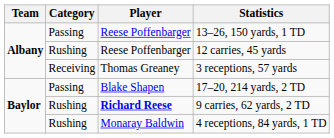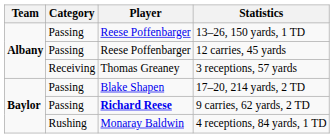 <table class="wikitable" style="float: right;">
 <tr>
 <th>Team</th>
 <th>Category</th>
 <th>Player</th>
 <th>Statistics</th>
 </tr>
 <tr>
 <td rowspan=3><strong>Albany</strong></td>
 <td>Passing</td>
 <td><a href='#'>Reese Poffenbarger</a></td>
 <td>13–26, 150 yards, 1 TD</td>
 </tr>
 <tr>
-<td>Rushing</td>
+<td>Passing</td>
 <td>Reese Poffenbarger</td>
 <td>12 carries, 45 yards</td>
 </tr>
 <tr>
 <td>Receiving</td>
 <td>Thomas Greaney</td>
 <td>3 receptions, 57 yards</td>
 </tr>
 <tr>
 <td rowspan=3><strong>Baylor</strong></td>
 <td>Passing</td>
 <td><a href='#'>Blake Shapen</a></td>
 <td>17–20, 214 yards, 2 TD</td>
 </tr>
 <tr>
-<td>Rushing</td>
+<td>Passing</td>
 <td><strong><a href='#'>Richard Reese</a></strong></td>
 <td>9 carries, 62 yards, 2 TD</td>
 </tr>
 <tr>
 <td>Rushing</td>
 <td><a href='#'>Monaray Baldwin</a></td>
 <td>4 receptions, 84 yards, 1 TD</td>
 </tr>
 </table>
